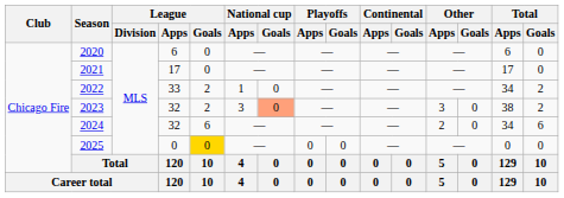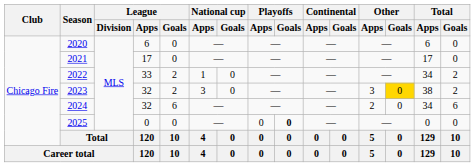 <table class="wikitable" style="text-align: center;">
 <tr>
 <th rowspan="2">Club</th>
 <th rowspan="2">Season</th>
 <th colspan="3">League</th>
 <th colspan="2">National cup</th>
 <th colspan="2">Playoffs</th>
 <th colspan="2">Continental</th>
 <th colspan="2">Other</th>
 <th colspan="2">Total</th>
 </tr>
 <tr>
 <th>Division</th>
 <th>Apps</th>
 <th>Goals</th>
 <th>Apps</th>
 <th>Goals</th>
 <th>Apps</th>
 <th>Goals</th>
 <th>Apps</th>
 <th>Goals</th>
 <th>Apps</th>
 <th>Goals</th>
 <th>Apps</th>
 <th>Goals</th>
 </tr>
 <tr>
 <td rowspan="7"><a href='#'>Chicago Fire</a></td>
 <td><a href='#'>2020</a></td>
 <td rowspan="6"><a href='#'>MLS</a></td>
 <td>6</td>
 <td>0</td>
 <td colspan=2>—</td>
 <td colspan=2>—</td>
 <td colspan=2>—</td>
 <td colspan=2>—</td>
 <td>6</td>
 <td>0</td>
 </tr>
 <tr>
 <td><a href='#'>2021</a></td>
 <td>17</td>
 <td>0</td>
 <td colspan=2>—</td>
 <td colspan=2>—</td>
 <td colspan=2>—</td>
 <td colspan=2>—</td>
 <td>17</td>
 <td>0</td>
 </tr>
 <tr>
 <td><a href='#'>2022</a></td>
 <td>33</td>
 <td>2</td>
 <td>1</td>
 <td>0</td>
 <td colspan=2>—</td>
 <td colspan=2>—</td>
 <td colspan=2>—</td>
 <td>34</td>
 <td>2</td>
 </tr>
 <tr>
 <td><a href='#'>2023</a></td>
 <td>32</td>
 <td>2</td>
 <td>3</td>
-<td style="background: lightsalmon;">0</td>
+<td>0</td>
 <td colspan=2>—</td>
 <td colspan=2>—</td>
 <td>3</td>
-<td>0</td>
+<td style="background: gold;">0</td>
 <td>38</td>
 <td>2</td>
 </tr>
 <tr>
 <td><a href='#'>2024</a></td>
 <td>32</td>
 <td>6</td>
 <td colspan=2>—</td>
 <td colspan=2>—</td>
 <td colspan=2>—</td>
 <td>2</td>
 <td>0</td>
 <td>34</td>
 <td>6</td>
 </tr>
 <tr>
 <td><a href='#'>2025</a></td>
 <td>0</td>
-<td style="background: gold;">0</td>
+<td>0</td>
 <td colspan=2>—</td>
 <td>0</td>
-<td>0</td>
+<td><strong>0</strong></td>
 <td colspan=2>—</td>
 <td colspan=2>—</td>
 <td>0</td>
 <td>0</td>
 </tr>
 <tr>
 <th colspan=2>Total</th>
 <th>120</th>
 <th>10</th>
 <th>4</th>
 <th>0</th>
 <th>0</th>
 <th>0</th>
 <th>0</th>
 <th>0</th>
 <th>5</th>
 <th>0</th>
 <th>129</th>
 <th>10</th>
 </tr>
 <tr>
 <th colspan=3>Career total</th>
 <th>120</th>
 <th>10</th>
 <th>4</th>
 <th>0</th>
 <th>0</th>
 <th>0</th>
 <th>0</th>
 <th>0</th>
 <th>5</th>
 <th>0</th>
 <th>129</th>
 <th>10</th>
 </tr>
 </table>
